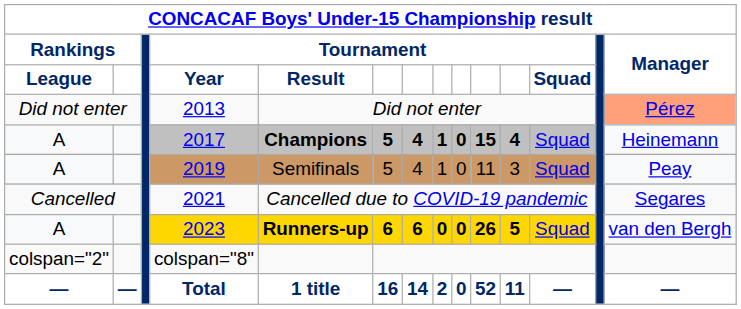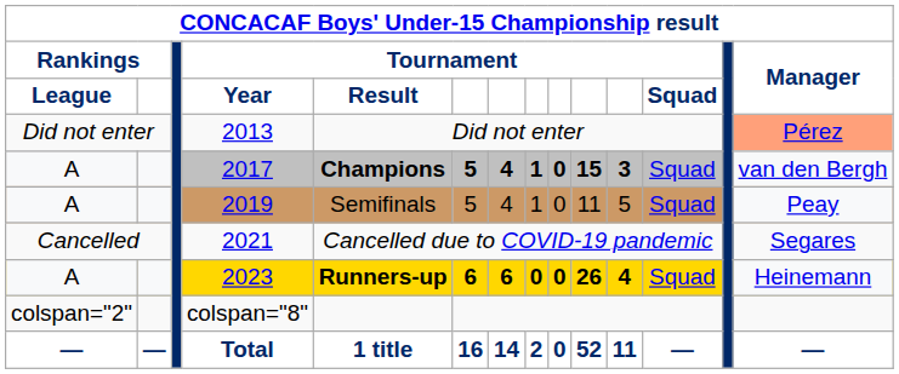 <table class="wikitable" style="text-align: center;font-size:100%;">
 <tr>
 <th colspan="15" style="color:#002868; background:white; "><a href='#'>CONCACAF Boys' Under-15 Championship</a> result</th>
 </tr>
 <tr>
 <th colspan="2" style="color:#002868; background:white; ">Rankings</th>
 <th rowspan="9" style="color:#002868; background:#002868;"></th>
 <th colspan="9" style="color:#002868; background:white; ">Tournament</th>
 <th rowspan="9" style="color:#002868; background:#002868;"></th>
 <th rowspan="2" style="color:#002868; background:white; "><strong>Manager</strong></th>
 </tr>
 <tr>
 <th style="color:#002868; background:white; ">League</th>
 <th style="color:#002868; background:white; "></th>
 <th style="color:#002868; background:white; ">Year</th>
 <th style="color:#002868; background:white; ">Result</th>
 <th style="color:#002868; background:white; "></th>
 <th style="color:#002868; background:white; "></th>
 <th style="color:#002868; background:white; "></th>
 <th style="color:#002868; background:white; "></th>
 <th style="color:#002868; background:white; "></th>
 <th style="color:#002868; background:white; "></th>
 <th style="color:#002868; background:white; ">Squad</th>
 </tr>
 <tr>
 <td colspan="2"><em>Did not enter</em></td>
 <td align="center"> <a href='#'>2013</a></td>
 <td colspan="8"><em>Did not enter</em></td>
 <td style="background: lightsalmon;"><a href='#'>Pérez</a></td>
 </tr>
 <tr bgcolor=silver>
 <td bgcolor="#f8f9fa">A</td>
 <td bgcolor="#f8f9fa"></td>
 <td align="center"> <a href='#'>2017</a></td>
 <td><strong>Champions</strong></td>
 <td><strong>5</strong></td>
 <td><strong>4</strong></td>
 <td><strong>1</strong></td>
 <td><strong>0</strong></td>
 <td><strong>15</strong></td>
-<td><strong>4</strong></td>
+<td><strong>3</strong></td>
 <td><a href='#'>Squad</a></td>
-<td bgcolor="#f8f9fa"><a href='#'>Heinemann</a></td>
+<td bgcolor="#f8f9fa"><a href='#'>van den Bergh</a></td>
 </tr>
 <tr bgcolor=#cc9966>
 <td bgcolor="#f8f9fa">A</td>
 <td bgcolor="#f8f9fa"></td>
 <td align="center"> <a href='#'>2019</a></td>
 <td>Semifinals</td>
 <td>5</td>
 <td>4</td>
 <td>1</td>
 <td>0</td>
 <td>11</td>
-<td>3</td>
+<td>5</td>
 <td><a href='#'>Squad</a></td>
 <td bgcolor="#f8f9fa"><a href='#'>Peay</a></td>
 </tr>
 <tr>
 <td colspan="2"><em>Cancelled</em></td>
 <td> <a href='#'>2021</a></td>
 <td colspan="8"><em>Cancelled due to <a href='#'>COVID-19 pandemic</a></em></td>
 <td><a href='#'>Segares</a></td>
 </tr>
 <tr bgcolor="gold">
 <td bgcolor="#f8f9fa">A</td>
 <td bgcolor="#f8f9fa"></td>
 <td align="center"> <a href='#'>2023</a></td>
 <td><strong>Runners-up</strong></td>
 <td><strong>6</strong></td>
 <td><strong>6</strong></td>
 <td><strong>0</strong></td>
 <td><strong>0</strong></td>
 <td><strong>26</strong></td>
-<td><strong>5</strong></td>
+<td><strong>4</strong></td>
 <td><a href='#'>Squad</a></td>
-<td bgcolor="#f8f9fa"><a href='#'>van den Bergh</a></td>
+<td bgcolor="#f8f9fa"><a href='#'>Heinemann</a></td>
 </tr>
 <tr>
 <td>colspan="2" </td>
 <td></td>
 <td>colspan="8" </td>
 <td></td>
 </tr>
 <tr>
 <th style="color:#002868; background:white; ">—</th>
 <th style="color:#002868; background:white; ">—</th>
 <th style="color:#002868; background:white; ">Total</th>
 <th style="color:#002868; background:white; ">1 title</th>
 <th style="color:#002868; background:white; ">16</th>
 <th style="color:#002868; background:white; ">14</th>
 <th style="color:#002868; background:white; ">2</th>
 <th style="color:#002868; background:white; ">0</th>
 <th style="color:#002868; background:white; ">52</th>
 <th style="color:#002868; background:white; ">11</th>
 <th style="color:#002868; background:white; ">—</th>
 <th style="color:#002868; background:white; ">—</th>
 </tr>
 </table>
